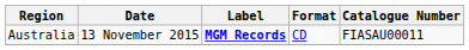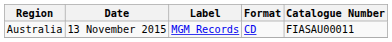 <table class="wikitable">
 <tr>
 <th>Region</th>
 <th>Date</th>
 <th>Label</th>
 <th>Format</th>
 <th>Catalogue Number</th>
 </tr>
 <tr>
 <td>Australia</td>
 <td>13 November 2015</td>
-<td><strong><a href='#'>MGM Records</a></strong></td>
+<td><a href='#'>MGM Records</a></td>
 <td><a href='#'>CD</a></td>
 <td>FIASAU00011</td>
 </tr>
 <tr>
 </tr>
 </table>
